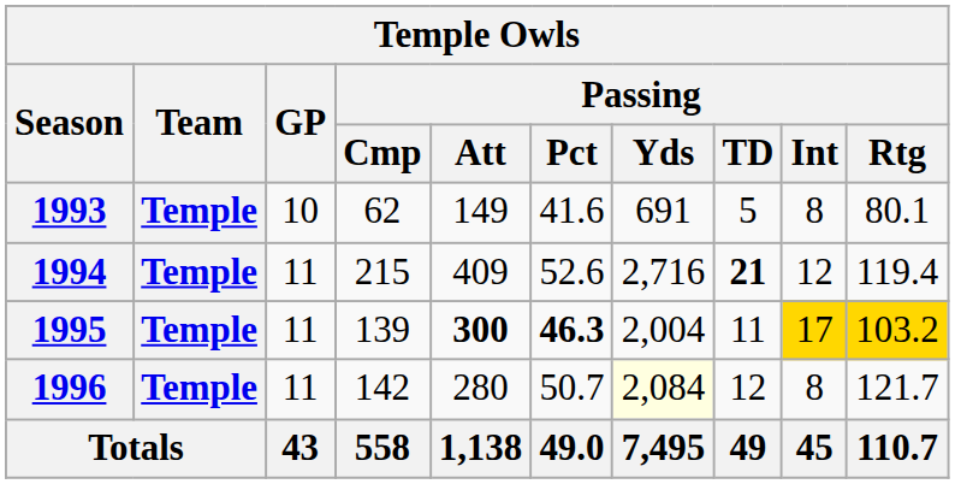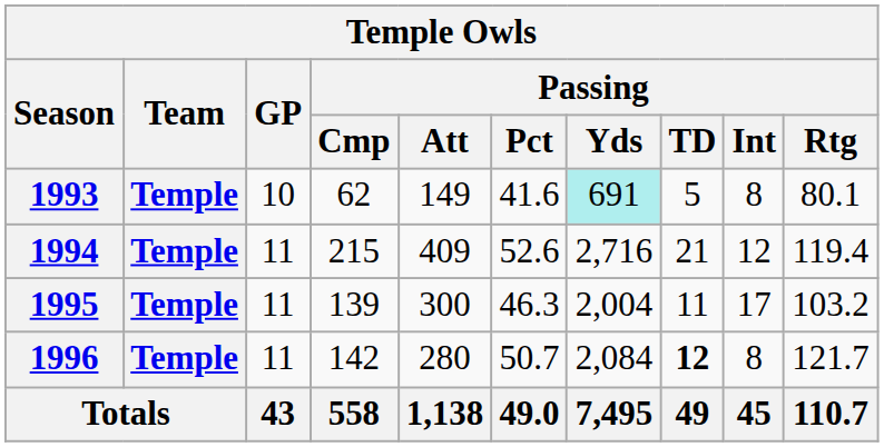 <table class="wikitable" style="text-align:center;">
 <tr>
 <th colspan="10">Temple Owls</th>
 </tr>
 <tr>
 <th rowspan="2">Season</th>
 <th rowspan="2">Team</th>
 <th rowspan="2">GP</th>
 <th colspan="7">Passing</th>
 </tr>
 <tr>
 <th>Cmp</th>
 <th>Att</th>
 <th>Pct</th>
 <th>Yds</th>
 <th>TD</th>
 <th>Int</th>
 <th>Rtg</th>
 </tr>
 <tr>
 <th><a href='#'>1993</a></th>
 <th><a href='#'>Temple</a></th>
 <td>10</td>
 <td>62</td>
 <td>149</td>
 <td>41.6</td>
-<td>691</td>
+<td style="background: paleturquoise;">691</td>
 <td>5</td>
 <td>8</td>
 <td>80.1</td>
 </tr>
 <tr>
 <th><a href='#'>1994</a></th>
 <th><a href='#'>Temple</a></th>
 <td>11</td>
 <td>215</td>
 <td>409</td>
 <td>52.6</td>
 <td>2,716</td>
-<td><strong>21</strong></td>
+<td>21</td>
 <td>12</td>
 <td>119.4</td>
 </tr>
 <tr>
 <th><a href='#'>1995</a></th>
 <th><a href='#'>Temple</a></th>
 <td>11</td>
 <td>139</td>
-<td><strong>300</strong></td>
-<td><strong>46.3</strong></td>
+<td>300</td>
+<td>46.3</td>
 <td>2,004</td>
 <td>11</td>
-<td style="background: gold;">17</td>
-<td style="background: gold;">103.2</td>
+<td>17</td>
+<td>103.2</td>
 </tr>
 <tr>
 <th><a href='#'>1996</a></th>
 <th><a href='#'>Temple</a></th>
 <td>11</td>
 <td>142</td>
 <td>280</td>
 <td>50.7</td>
-<td style="background: lightyellow;">2,084</td>
-<td>12</td>
+<td>2,084</td>
+<td><strong>12</strong></td>
 <td>8</td>
 <td>121.7</td>
 </tr>
 <tr>
 <th colspan="2">Totals</th>
 <th>43</th>
 <th>558</th>
 <th>1,138</th>
 <th>49.0</th>
 <th>7,495</th>
 <th>49</th>
 <th>45</th>
 <th>110.7</th>
 </tr>
 </table>
